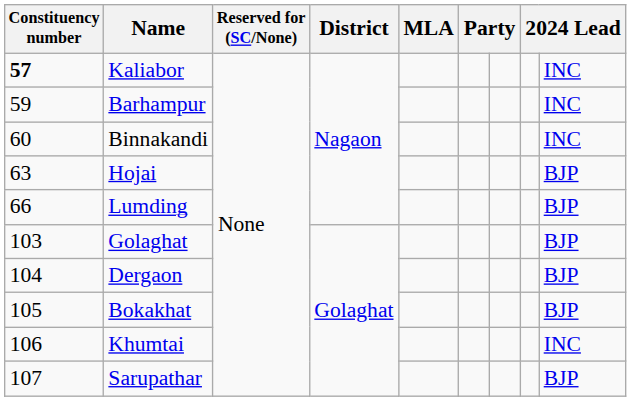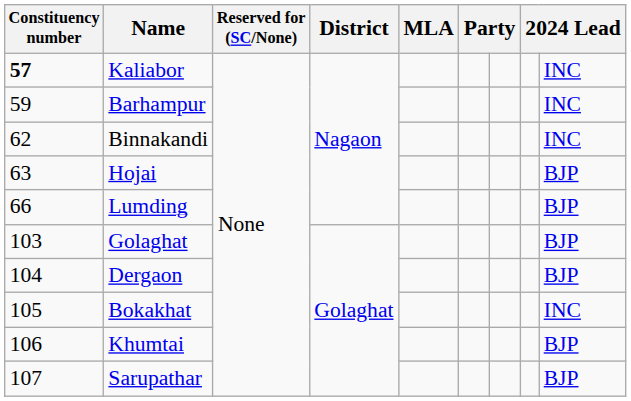 <table class="wikitable sortable">
 <tr>
 <th style="font-size:75%">Constituency<br>number</th>
 <th>Name</th>
 <th style="font-size:75%">Reserved for<br>(<a href='#'>SC</a>/None)</th>
 <th>District</th>
 <th>MLA</th>
 <th colspan=2>Party</th>
 <th colspan="2">2024 Lead</th>
 </tr>
 <tr>
 <td><strong>57</strong></td>
 <td><a href='#'>Kaliabor</a></td>
 <td rowspan="10">None</td>
 <td rowspan="5"><a href='#'>Nagaon</a></td>
 <td></td>
 <td></td>
 <td></td>
 <td style="background-color: "></td>
 <td><a href='#'>INC</a></td>
 </tr>
 <tr>
 <td>59</td>
 <td><a href='#'>Barhampur</a></td>
 <td></td>
 <td></td>
 <td></td>
 <td style="background-color: "></td>
 <td><a href='#'>INC</a></td>
 </tr>
 <tr>
-<td>60</td>
+<td>62</td>
 <td>Binnakandi</td>
 <td></td>
 <td></td>
 <td></td>
 <td style="background-color: "></td>
 <td><a href='#'>INC</a></td>
 </tr>
 <tr>
 <td>63</td>
 <td><a href='#'>Hojai</a></td>
 <td></td>
 <td></td>
 <td></td>
 <td style="background-color: "></td>
 <td><a href='#'>BJP</a></td>
 </tr>
 <tr>
 <td>66</td>
 <td><a href='#'>Lumding</a></td>
 <td></td>
 <td></td>
 <td></td>
 <td style="background-color: "></td>
 <td><a href='#'>BJP</a></td>
 </tr>
 <tr>
 <td>103</td>
 <td><a href='#'>Golaghat</a></td>
 <td rowspan="5"><a href='#'>Golaghat</a></td>
 <td></td>
 <td></td>
 <td></td>
 <td style="background-color: "></td>
 <td><a href='#'>BJP</a></td>
 </tr>
 <tr>
 <td>104</td>
 <td><a href='#'>Dergaon</a></td>
 <td></td>
 <td></td>
 <td></td>
 <td style="background-color: "></td>
 <td><a href='#'>BJP</a></td>
 </tr>
 <tr>
 <td>105</td>
 <td><a href='#'>Bokakhat</a></td>
 <td></td>
 <td></td>
 <td></td>
 <td style="background-color: "></td>
-<td><a href='#'>BJP</a></td>
+<td><a href='#'>INC</a></td>
 </tr>
 <tr>
 <td>106</td>
 <td><a href='#'>Khumtai</a></td>
 <td></td>
 <td></td>
 <td></td>
 <td style="background-color: "></td>
-<td><a href='#'>INC</a></td>
+<td><a href='#'>BJP</a></td>
 </tr>
 <tr>
 <td>107</td>
 <td><a href='#'>Sarupathar</a></td>
 <td></td>
 <td></td>
 <td></td>
 <td style="background-color: "></td>
 <td><a href='#'>BJP</a></td>
 </tr>
 </table>
